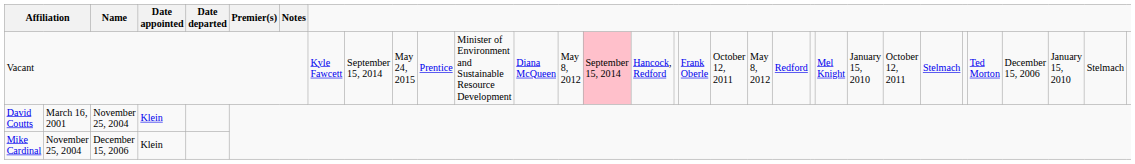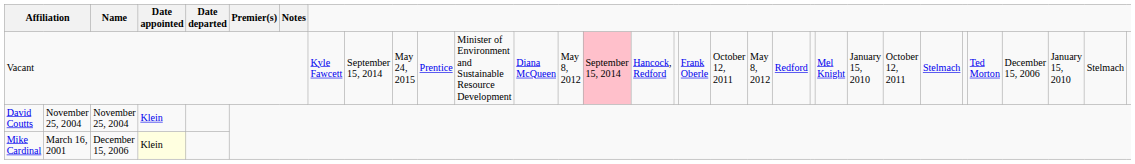 <table class="wikitable">
 <tr>
 <th colspan="2">Affiliation</th>
 <th>Name</th>
 <th>Date appointed</th>
 <th>Date departed</th>
 <th>Premier(s)</th>
 <th>Notes</th>
 </tr>
 <tr>
 <td colspan="7">Vacant<br></td>
 <td><a href='#'>Kyle Fawcett</a></td>
 <td>September 15, 2014</td>
 <td>May 24, 2015</td>
 <td><a href='#'>Prentice</a></td>
 <td>Minister of Environment and Sustainable Resource Development<br></td>
 <td><a href='#'>Diana McQueen</a></td>
 <td>May 8, 2012</td>
 <td style="background: pink;">September 15, 2014</td>
 <td><a href='#'>Hancock</a>, <a href='#'>Redford</a></td>
 <td><br></td>
 <td><a href='#'>Frank Oberle</a></td>
 <td>October 12, 2011</td>
 <td>May 8, 2012</td>
 <td><a href='#'>Redford</a></td>
 <td><br></td>
 <td><a href='#'>Mel Knight</a></td>
 <td>January 15, 2010</td>
 <td>October 12, 2011</td>
 <td><a href='#'>Stelmach</a></td>
 <td><br></td>
 <td><a href='#'>Ted Morton</a></td>
 <td>December 15, 2006</td>
 <td>January 15, 2010</td>
 <td>Stelmach</td>
 <td></td>
 </tr>
 <tr>
 <td><a href='#'>David Coutts</a></td>
-<td>March 16, 2001</td>
+<td>November 25, 2004</td>
 <td>November 25, 2004</td>
 <td><a href='#'>Klein</a></td>
 <td></td>
 </tr>
 <tr>
 <td><a href='#'>Mike Cardinal</a></td>
-<td>November 25, 2004</td>
+<td>March 16, 2001</td>
 <td>December 15, 2006</td>
-<td>Klein</td>
+<td style="background: lightyellow;">Klein</td>
 <td></td>
 </tr>
 </table>
